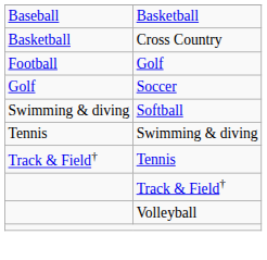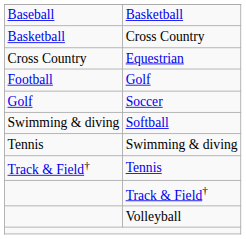 <table class="wikitable" style= " ">
 <tr>
 </tr>
 <tr>
 <td><a href='#'>Baseball</a></td>
 <td><a href='#'>Basketball</a></td>
 </tr>
 <tr>
 <td><a href='#'>Basketball</a></td>
 <td>Cross Country</td>
+</tr>
+<tr>
+<td>Cross Country</td>
+<td><a href='#'>Equestrian</a></td>
 </tr>
 <tr>
 <td><a href='#'>Football</a></td>
 <td><a href='#'>Golf</a></td>
 </tr>
 <tr>
 <td><a href='#'>Golf</a></td>
 <td><a href='#'>Soccer</a></td>
 </tr>
 <tr>
 <td>Swimming & diving</td>
 <td><a href='#'>Softball</a></td>
 </tr>
 <tr>
 <td>Tennis</td>
 <td>Swimming & diving</td>
 </tr>
 <tr>
 <td><a href='#'>Track & Field</a><sup>†</sup></td>
 <td><a href='#'>Tennis</a></td>
 </tr>
 <tr>
 <td></td>
 <td><a href='#'>Track & Field</a><sup>†</sup></td>
 </tr>
 <tr>
 <td></td>
 <td>Volleyball</td>
 </tr>
 <tr>
 <td colspan="2"></td>
 </tr>
 </table>
